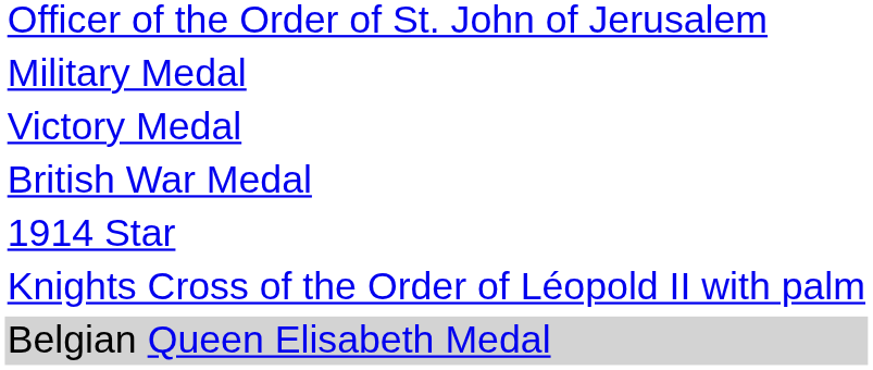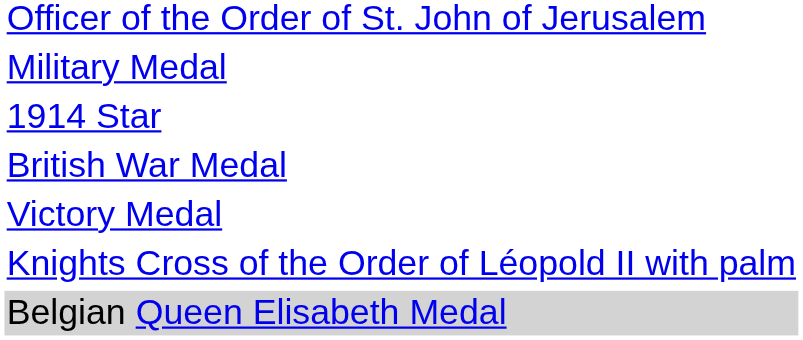 <table>
 <tr>
 <td> <a href='#'>Officer of the Order of St. John of Jerusalem</a></td>
 </tr>
 <tr>
 <td> <a href='#'>Military Medal</a></td>
 </tr>
 <tr>
-<td> <a href='#'>Victory Medal</a></td>
+<td> <a href='#'>1914 Star</a></td>
 </tr>
 <tr>
 <td> <a href='#'>British War Medal</a></td>
 </tr>
 <tr>
-<td> <a href='#'>1914 Star</a></td>
+<td> <a href='#'>Victory Medal</a></td>
 </tr>
 <tr>
 <td> <a href='#'>Knights Cross of the Order of Léopold II with palm</a></td>
 </tr>
 <tr>
 <td style="background: lightgrey;"> Belgian <a href='#'>Queen Elisabeth Medal</a></td>
 </tr>
 </table>
